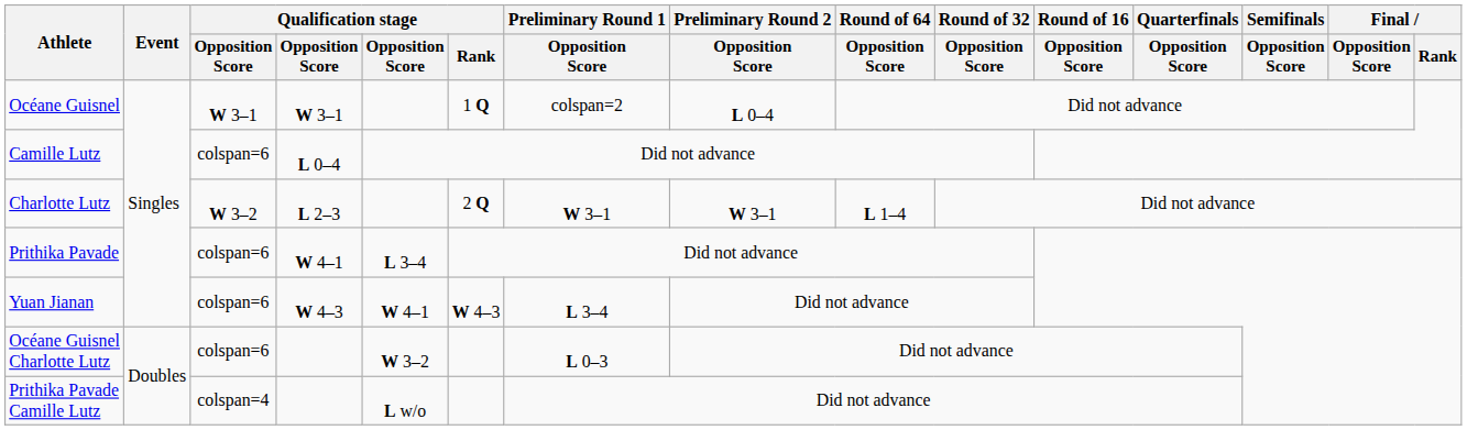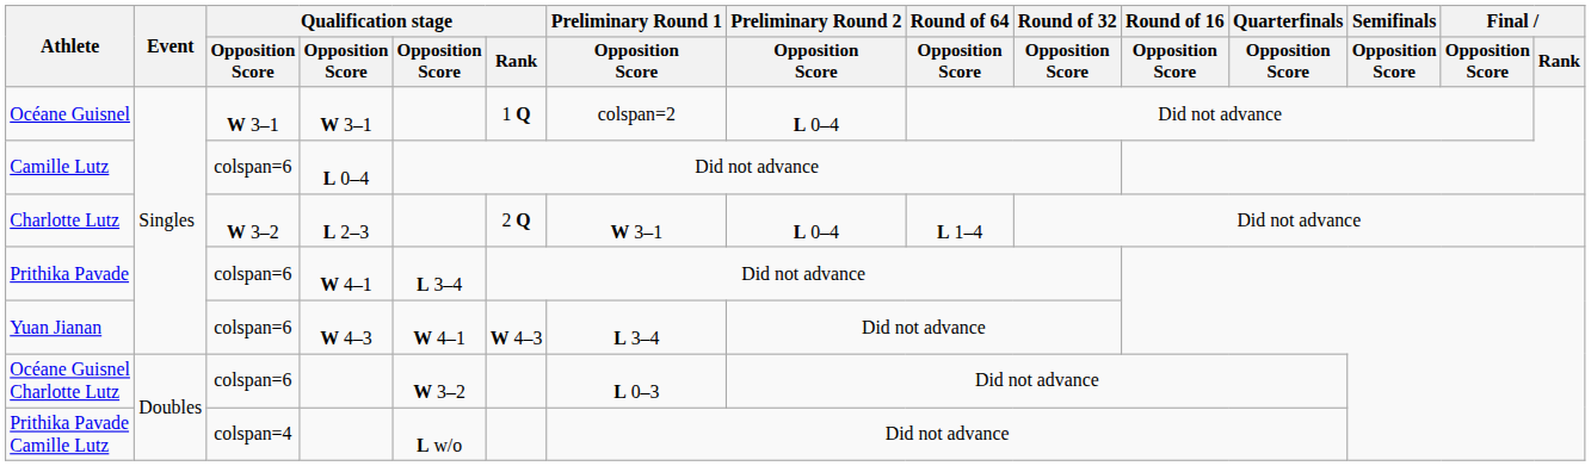 <table class=wikitable style=font-size:90%;text-align:center>
 <tr>
 <th rowspan=2>Athlete</th>
 <th rowspan=2>Event</th>
 <th colspan=4>Qualification stage</th>
 <th>Preliminary Round 1</th>
 <th>Preliminary Round 2</th>
 <th>Round of 64</th>
 <th>Round of 32</th>
 <th>Round of 16</th>
 <th>Quarterfinals</th>
 <th>Semifinals</th>
 <th colspan=2>Final / </th>
 </tr>
 <tr style=font-size:95%>
 <th>Opposition<br>Score</th>
 <th>Opposition<br>Score</th>
 <th>Opposition<br>Score</th>
 <th>Rank</th>
 <th>Opposition<br>Score</th>
 <th>Opposition<br>Score</th>
 <th>Opposition<br>Score</th>
 <th>Opposition<br>Score</th>
 <th>Opposition<br>Score</th>
 <th>Opposition<br>Score</th>
 <th>Opposition<br>Score</th>
 <th>Opposition<br>Score</th>
 <th>Rank</th>
 </tr>
 <tr align=center>
 <td align=left><a href='#'>Océane Guisnel</a></td>
 <td align=left rowspan=5>Singles</td>
 <td><br><strong>W</strong> 3–1</td>
 <td><br><strong>W</strong> 3–1</td>
 <td></td>
 <td>1 <strong>Q</strong></td>
 <td>colspan=2</td>
 <td><br><strong>L</strong> 0–4</td>
 <td colspan=6>Did not advance</td>
 </tr>
 <tr align=center>
 <td align=left><a href='#'>Camille Lutz</a></td>
 <td>colspan=6</td>
 <td><br><strong>L</strong> 0–4</td>
 <td colspan=6>Did not advance</td>
 </tr>
 <tr align=center>
 <td align=left><a href='#'>Charlotte Lutz</a></td>
 <td><br><strong>W</strong> 3–2</td>
 <td><br><strong>L</strong> 2–3</td>
 <td></td>
 <td>2 <strong>Q</strong></td>
 <td><br><strong>W</strong> 3–1</td>
-<td><br><strong>W</strong> 3–1</td>
+<td><br><strong>L</strong> 0–4</td>
 <td><br><strong>L</strong> 1–4</td>
 <td colspan=6>Did not advance</td>
 </tr>
 <tr align=center>
 <td align=left><a href='#'>Prithika Pavade</a></td>
 <td>colspan=6</td>
 <td><br><strong>W</strong> 4–1</td>
 <td><br><strong>L</strong> 3–4</td>
 <td colspan=5>Did not advance</td>
 </tr>
 <tr align=center>
 <td align=left><a href='#'>Yuan Jianan</a></td>
 <td>colspan=6</td>
 <td><br><strong>W</strong> 4–3</td>
 <td><br><strong>W</strong> 4–1</td>
 <td><br><strong>W</strong> 4–3</td>
 <td><br><strong>L</strong> 3–4</td>
 <td colspan=3>Did not advance</td>
 </tr>
 <tr align=center>
 <td align=left><a href='#'>Océane Guisnel</a><br><a href='#'>Charlotte Lutz</a></td>
 <td align=left rowspan=2>Doubles</td>
 <td>colspan=6</td>
 <td></td>
 <td><br><strong>W</strong> 3–2</td>
 <td></td>
 <td><br><strong>L</strong> 0–3</td>
 <td colspan=5>Did not advance</td>
 </tr>
 <tr align=center>
 <td align=left><a href='#'>Prithika Pavade</a><br><a href='#'>Camille Lutz</a></td>
 <td>colspan=4</td>
 <td></td>
 <td><br><strong>L</strong> w/o</td>
 <td></td>
 <td colspan=6>Did not advance</td>
 </tr>
 </table>
